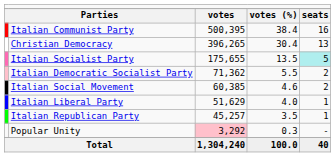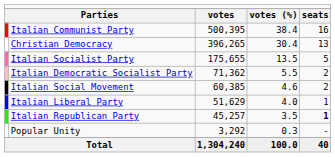 <table class="wikitable" style="font-size:95%">
 <tr>
 <td colspan=5></td>
 </tr>
 <tr>
 </tr>
 <tr bgcolor="EFEFEF">
 <th colspan=2>Parties</th>
 <th>votes</th>
 <th>votes (%)</th>
 <th>seats</th>
 </tr>
 <tr>
 <td bgcolor=red></td>
 <td><a href='#'>Italian Communist Party</a></td>
 <td align=right>500,395</td>
 <td align=right>38.4</td>
 <td align=right>16</td>
 </tr>
 <tr>
 <td bgcolor=white></td>
 <td><a href='#'>Christian Democracy</a></td>
 <td align=right>396,265</td>
 <td align=right>30.4</td>
 <td align=right>13</td>
 </tr>
 <tr>
 <td bgcolor=hotpink></td>
 <td><a href='#'>Italian Socialist Party</a></td>
 <td align=right>175,655</td>
 <td align=right>13.5</td>
-<td align=right style="background: paleturquoise;">5</td>
+<td align=right>5</td>
 </tr>
 <tr>
 <td bgcolor=pink></td>
 <td><a href='#'>Italian Democratic Socialist Party</a></td>
 <td align=right>71,362</td>
 <td align=right>5.5</td>
 <td align=right>2</td>
 </tr>
 <tr>
 <td bgcolor=black></td>
 <td><a href='#'>Italian Social Movement</a></td>
 <td align=right>60,385</td>
 <td align=right>4.6</td>
 <td align=right>2</td>
 </tr>
 <tr>
 <td bgcolor=blue></td>
 <td><a href='#'>Italian Liberal Party</a></td>
 <td align=right>51,629</td>
 <td align=right>4.0</td>
 <td align=right>1</td>
 </tr>
 <tr>
 <td bgcolor=lime></td>
 <td><a href='#'>Italian Republican Party</a></td>
 <td align=right>45,257</td>
 <td align=right>3.5</td>
-<td align=right>1</td>
+<td align=right><strong>1</strong></td>
 </tr>
 <tr>
 <td></td>
 <td>Popular Unity</td>
-<td align=right style="background: pink;">3,292</td>
+<td align=right>3,292</td>
 <td align=right>0.3</td>
 <td align=right>-</td>
 </tr>
 <tr>
 </tr>
 <tr bgcolor="EFEFEF">
 <th colspan=2><strong>Total</strong></th>
 <td align=right><strong>1,304,240</strong></td>
 <td align=right><strong>100.0</strong></td>
 <td align=right><strong>40</strong></td>
 </tr>
 </table>
